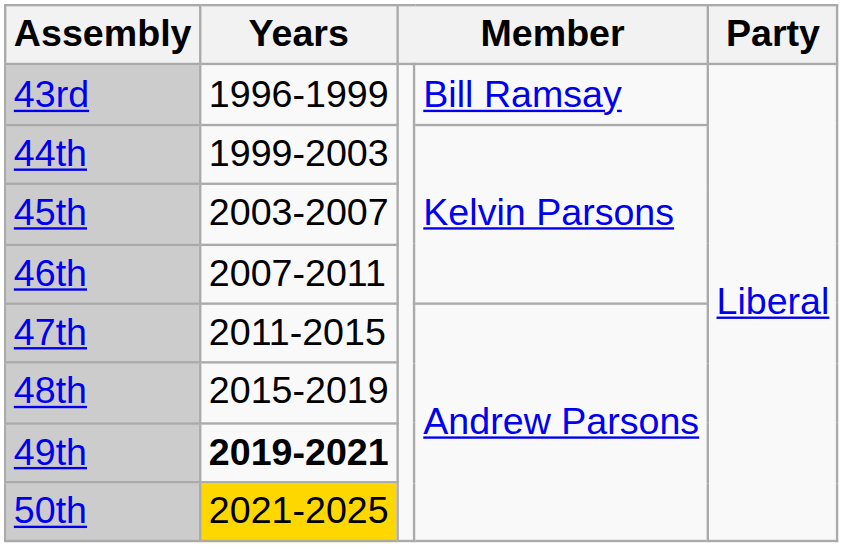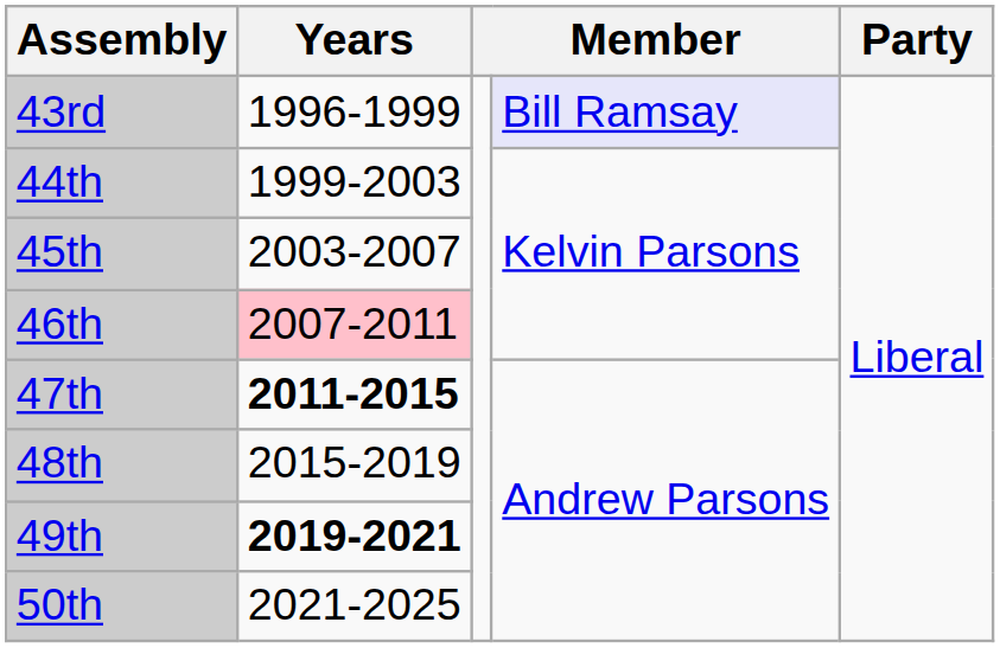 <table class="wikitable sortable">
 <tr>
 <th>Assembly</th>
 <th>Years</th>
 <th colspan="2">Member</th>
 <th>Party</th>
 </tr>
 <tr>
 <td bgcolor="CCCCCC"><a href='#'>43rd</a></td>
 <td>1996-1999</td>
 <td rowspan="9" ></td>
-<td><a href='#'>Bill Ramsay</a></td>
+<td style="background: lavender;"><a href='#'>Bill Ramsay</a></td>
 <td rowspan="9"><a href='#'>Liberal</a></td>
 </tr>
 <tr>
 <td bgcolor="CCCCCC"><a href='#'>44th</a></td>
 <td>1999-2003</td>
 <td rowspan="3"><a href='#'>Kelvin Parsons</a></td>
 </tr>
 <tr>
 <td bgcolor="CCCCCC"><a href='#'>45th</a></td>
 <td>2003-2007</td>
 </tr>
 <tr>
 <td bgcolor="CCCCCC"><a href='#'>46th</a></td>
-<td>2007-2011</td>
+<td style="background: pink;">2007-2011</td>
 </tr>
 <tr>
 <td bgcolor="CCCCCC"><a href='#'>47th</a></td>
-<td>2011-2015</td>
+<td><strong>2011-2015</strong></td>
 <td rowspan="4"><a href='#'>Andrew Parsons</a></td>
 </tr>
 <tr>
 <td bgcolor="CCCCCC"><a href='#'>48th</a></td>
 <td>2015-2019</td>
 </tr>
 <tr>
 <td bgcolor="CCCCCC"><a href='#'>49th</a></td>
 <td><strong>2019-2021</strong></td>
 </tr>
 <tr>
 <td bgcolor="CCCCCC"><a href='#'>50th</a></td>
-<td style="background: gold;">2021-2025</td>
+<td>2021-2025</td>
 </tr>
 </table>
